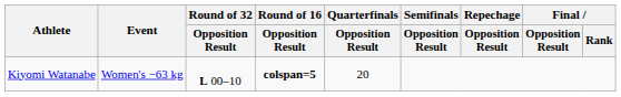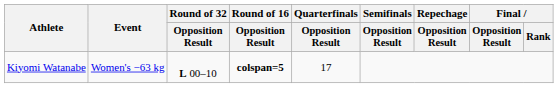 <table class=wikitable style=font-size:90%;text-align:center>
 <tr>
 <th rowspan=2>Athlete</th>
 <th rowspan=2>Event</th>
 <th>Round of 32</th>
 <th>Round of 16</th>
 <th>Quarterfinals</th>
 <th>Semifinals</th>
 <th>Repechage</th>
 <th colspan=2>Final / </th>
 </tr>
 <tr style=font-size:95%>
 <th>Opposition<br>Result</th>
 <th>Opposition<br>Result</th>
 <th>Opposition<br>Result</th>
 <th>Opposition<br>Result</th>
 <th>Opposition<br>Result</th>
 <th>Opposition<br>Result</th>
 <th>Rank</th>
 </tr>
 <tr>
 <td align=left><a href='#'>Kiyomi Watanabe</a></td>
 <td align=left><a href='#'>Women's −63 kg</a></td>
 <td><br><strong>L</strong> 00–10</td>
 <td><strong>colspan=5 </strong></td>
-<td>20</td>
+<td>17</td>
 </tr>
 </table>
